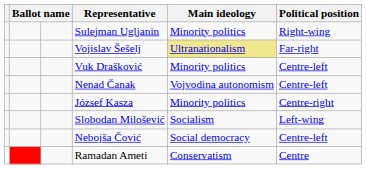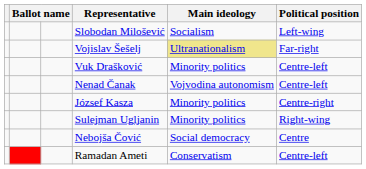 <table class="wikitable">
 <tr>
 <th></th>
 <th colspan="2">Ballot name</th>
 <th>Representative</th>
 <th>Main ideology</th>
 <th>Political position</th>
 </tr>
 <tr>
 <td></td>
 <td style="background:"></td>
 <td></td>
-<td><a href='#'>Sulejman Ugljanin</a></td>
-<td><a href='#'>Minority politics</a></td>
-<td><a href='#'>Right-wing</a></td>
+<td><a href='#'>Slobodan Milošević</a></td>
+<td><a href='#'>Socialism</a></td>
+<td><a href='#'>Left-wing</a></td>
 </tr>
 <tr>
 <td></td>
 <td style="background:"></td>
 <td></td>
 <td><a href='#'>Vojislav Šešelj</a></td>
 <td style="background: khaki;"><a href='#'>Ultranationalism</a></td>
 <td><a href='#'>Far-right</a></td>
 </tr>
 <tr>
 <td></td>
 <td style="background:"></td>
 <td></td>
 <td><a href='#'>Vuk Drašković</a></td>
 <td><a href='#'>Minority politics</a></td>
 <td><a href='#'>Centre-left</a></td>
 </tr>
 <tr>
 <td></td>
 <td style="background:"></td>
 <td></td>
 <td><a href='#'>Nenad Čanak</a></td>
 <td><a href='#'>Vojvodina autonomism</a></td>
 <td><a href='#'>Centre-left</a></td>
 </tr>
 <tr>
 <td></td>
 <td style="background:"></td>
 <td></td>
 <td><a href='#'>József Kasza</a></td>
 <td><a href='#'>Minority politics</a></td>
 <td><a href='#'>Centre-right</a></td>
 </tr>
 <tr>
 <td></td>
 <td style="background:"></td>
 <td></td>
-<td><a href='#'>Slobodan Milošević</a></td>
-<td><a href='#'>Socialism</a></td>
-<td><a href='#'>Left-wing</a></td>
+<td><a href='#'>Sulejman Ugljanin</a></td>
+<td><a href='#'>Minority politics</a></td>
+<td><a href='#'>Right-wing</a></td>
 </tr>
 <tr>
 <td></td>
 <td style="background:"></td>
 <td></td>
 <td><a href='#'>Nebojša Čović</a></td>
 <td><a href='#'>Social democracy</a></td>
-<td><a href='#'>Centre-left</a></td>
+<td><a href='#'>Centre</a></td>
 </tr>
 <tr>
 <td></td>
 <td style="background:red"></td>
 <td></td>
 <td>Ramadan Ameti</td>
 <td><a href='#'>Conservatism</a></td>
-<td><a href='#'>Centre</a></td>
+<td><a href='#'>Centre-left</a></td>
 </tr>
 </table>
